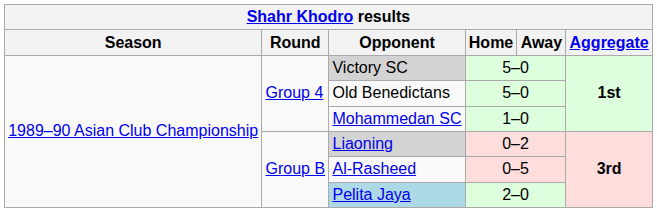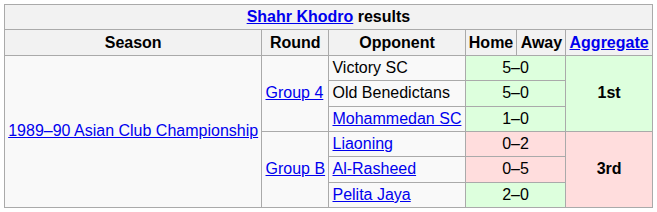 <table class="wikitable">
 <tr>
 <th colspan="6"><a href='#'>Shahr Khodro</a> results</th>
 </tr>
 <tr>
 <th>Season</th>
 <th>Round</th>
 <th>Opponent</th>
 <th>Home</th>
 <th>Away</th>
 <th><a href='#'>Aggregate</a></th>
 </tr>
 <tr>
 <td rowspan="6"><a href='#'>1989–90 Asian Club Championship</a></td>
 <td rowspan="3"><a href='#'>Group 4</a></td>
-<td style="background: lightgrey;"> Victory SC</td>
+<td> Victory SC</td>
 <td colspan="2" bgcolor="#ddffdd" style="text-align:center;">5–0</td>
 <td rowspan="3" bgcolor="#ddffdd" style="text-align:center;"><strong>1st</strong></td>
 </tr>
 <tr>
 <td> Old Benedictans</td>
 <td colspan="2" bgcolor="#ddffdd" style="text-align:center;">5–0</td>
 </tr>
 <tr>
 <td> <a href='#'>Mohammedan SC</a></td>
 <td colspan="2" bgcolor="#ddffdd" style="text-align:center;">1–0</td>
 </tr>
 <tr>
 <td rowspan="3"><a href='#'>Group B</a></td>
-<td style="background: lightgrey;"> <a href='#'>Liaoning</a></td>
+<td> <a href='#'>Liaoning</a></td>
 <td colspan="2" bgcolor="#ffdddd" style="text-align:center;">0–2</td>
 <td rowspan="3" bgcolor="#ffdddd" style="text-align:center;"><strong>3rd</strong></td>
 </tr>
 <tr>
 <td> <a href='#'>Al-Rasheed</a></td>
 <td colspan="2" bgcolor="#ffdddd" style="text-align:center;">0–5</td>
 </tr>
 <tr>
-<td style="background: lightblue;"> <a href='#'>Pelita Jaya</a></td>
+<td> <a href='#'>Pelita Jaya</a></td>
 <td colspan="2" bgcolor="#ddffdd" style="text-align:center;">2–0</td>
 </tr>
 </table>
